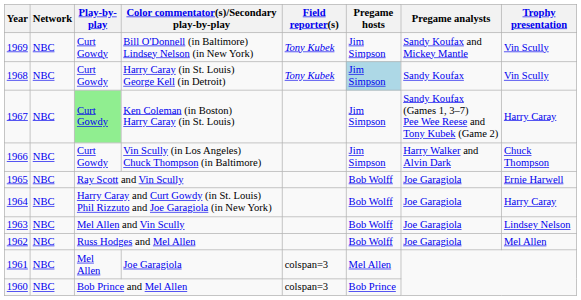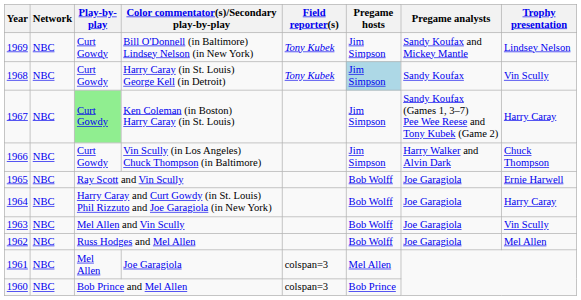 <table class="wikitable">
 <tr>
 <th>Year</th>
 <th>Network</th>
 <th><a href='#'>Play-by-play</a></th>
 <th><a href='#'>Color commentator</a>(s)/Secondary play-by-play</th>
 <th><a href='#'>Field reporter</a>(s)</th>
 <th>Pregame hosts</th>
 <th>Pregame analysts</th>
 <th><a href='#'>Trophy presentation</a></th>
 </tr>
 <tr>
 <td><a href='#'>1969</a></td>
 <td><a href='#'>NBC</a></td>
 <td><a href='#'>Curt Gowdy</a></td>
 <td><a href='#'>Bill O'Donnell</a> (in Baltimore)<br><a href='#'>Lindsey Nelson</a> (in New York)</td>
 <td><em><a href='#'>Tony Kubek</a></em></td>
 <td><a href='#'>Jim Simpson</a></td>
 <td><a href='#'>Sandy Koufax</a> and <a href='#'>Mickey Mantle</a></td>
-<td><a href='#'>Vin Scully</a></td>
+<td><a href='#'>Lindsey Nelson</a></td>
 </tr>
 <tr>
 <td><a href='#'>1968</a></td>
 <td><a href='#'>NBC</a></td>
 <td><a href='#'>Curt Gowdy</a></td>
 <td><a href='#'>Harry Caray</a> (in St. Louis)<br><a href='#'>George Kell</a> (in Detroit)</td>
 <td><em><a href='#'>Tony Kubek</a></em></td>
 <td style="background: lightblue;"><a href='#'>Jim Simpson</a></td>
 <td><a href='#'>Sandy Koufax</a></td>
 <td><a href='#'>Vin Scully</a></td>
 </tr>
 <tr>
 <td><a href='#'>1967</a></td>
 <td><a href='#'>NBC</a></td>
 <td style="background: lightgreen;"><a href='#'>Curt Gowdy</a></td>
 <td><a href='#'>Ken Coleman</a> (in Boston)<br><a href='#'>Harry Caray</a> (in St. Louis)</td>
 <td></td>
 <td><a href='#'>Jim Simpson</a></td>
 <td><a href='#'>Sandy Koufax</a> (Games 1, 3–7)<br><a href='#'>Pee Wee Reese</a> and <a href='#'>Tony Kubek</a> (Game 2)</td>
 <td><a href='#'>Harry Caray</a></td>
 </tr>
 <tr>
 <td><a href='#'>1966</a></td>
 <td><a href='#'>NBC</a></td>
 <td><a href='#'>Curt Gowdy</a></td>
 <td><a href='#'>Vin Scully</a> (in Los Angeles)<br><a href='#'>Chuck Thompson</a> (in Baltimore)</td>
 <td></td>
 <td><a href='#'>Jim Simpson</a></td>
 <td><a href='#'>Harry Walker</a> and <a href='#'>Alvin Dark</a></td>
 <td><a href='#'>Chuck Thompson</a></td>
 </tr>
 <tr>
 <td><a href='#'>1965</a></td>
 <td><a href='#'>NBC</a></td>
 <td colspan="2"><a href='#'>Ray Scott</a> and <a href='#'>Vin Scully</a></td>
 <td></td>
 <td><a href='#'>Bob Wolff</a></td>
 <td><a href='#'>Joe Garagiola</a></td>
 <td><a href='#'>Ernie Harwell</a></td>
 </tr>
 <tr>
 <td><a href='#'>1964</a></td>
 <td><a href='#'>NBC</a></td>
 <td colspan="2"><a href='#'>Harry Caray</a> and <a href='#'>Curt Gowdy</a> (in St. Louis)<br><a href='#'>Phil Rizzuto</a> and <a href='#'>Joe Garagiola</a> (in New York)</td>
 <td></td>
 <td><a href='#'>Bob Wolff</a></td>
 <td><a href='#'>Joe Garagiola</a></td>
 <td><a href='#'>Harry Caray</a></td>
 </tr>
 <tr>
 <td><a href='#'>1963</a></td>
 <td><a href='#'>NBC</a></td>
 <td colspan="2"><a href='#'>Mel Allen</a> and <a href='#'>Vin Scully</a></td>
 <td></td>
 <td><a href='#'>Bob Wolff</a></td>
 <td><a href='#'>Joe Garagiola</a></td>
-<td><a href='#'>Lindsey Nelson</a></td>
+<td><a href='#'>Vin Scully</a></td>
 </tr>
 <tr>
 <td><a href='#'>1962</a></td>
 <td><a href='#'>NBC</a></td>
 <td colspan="2"><a href='#'>Russ Hodges</a> and <a href='#'>Mel Allen</a></td>
 <td></td>
 <td><a href='#'>Bob Wolff</a></td>
 <td><a href='#'>Joe Garagiola</a></td>
 <td><a href='#'>Mel Allen</a></td>
 </tr>
 <tr>
 <td><a href='#'>1961</a></td>
 <td><a href='#'>NBC</a></td>
 <td><a href='#'>Mel Allen</a></td>
 <td><a href='#'>Joe Garagiola</a></td>
 <td>colspan=3 </td>
 <td><a href='#'>Mel Allen</a></td>
 </tr>
 <tr>
 <td><a href='#'>1960</a></td>
 <td><a href='#'>NBC</a></td>
 <td colspan="2"><a href='#'>Bob Prince</a> and <a href='#'>Mel Allen</a></td>
 <td>colspan=3 </td>
 <td><a href='#'>Bob Prince</a></td>
 </tr>
 </table>
